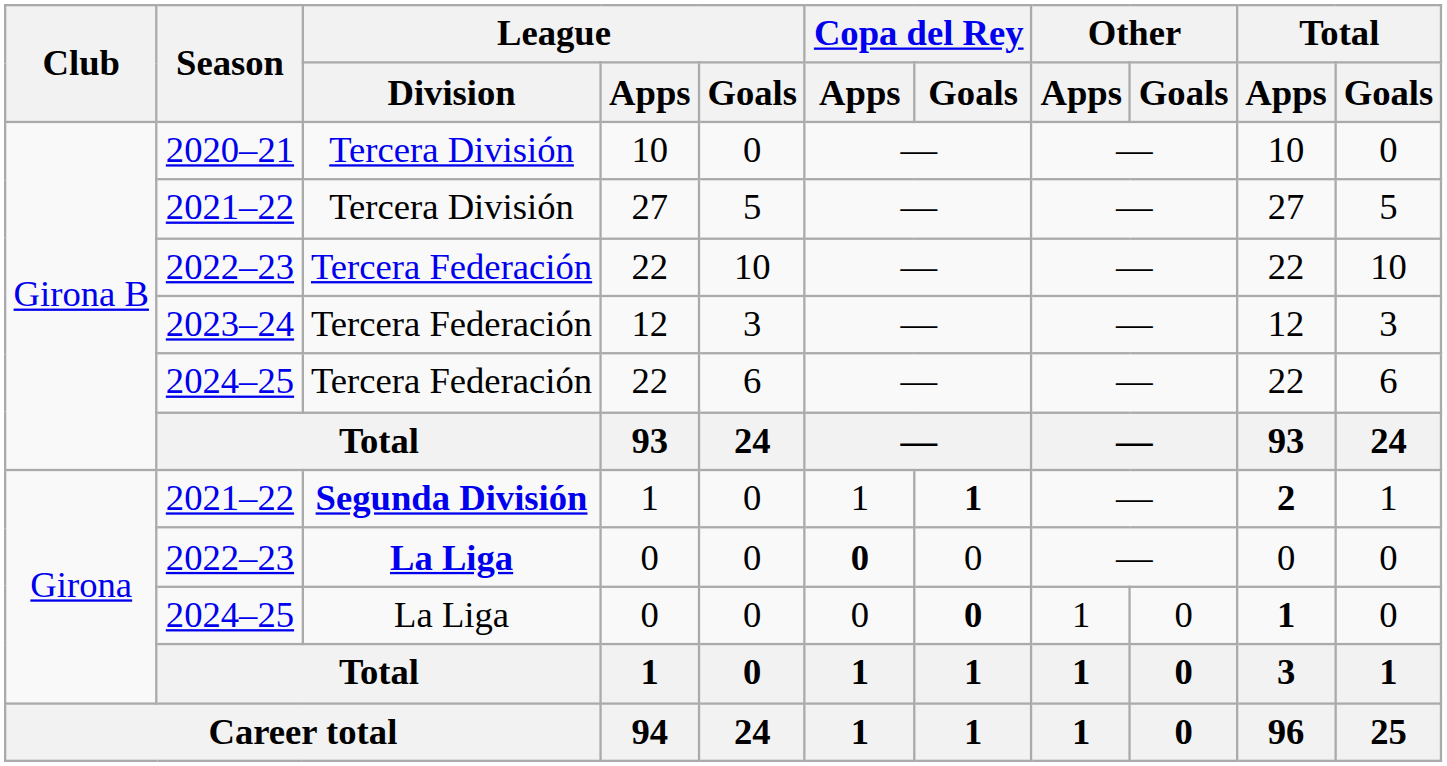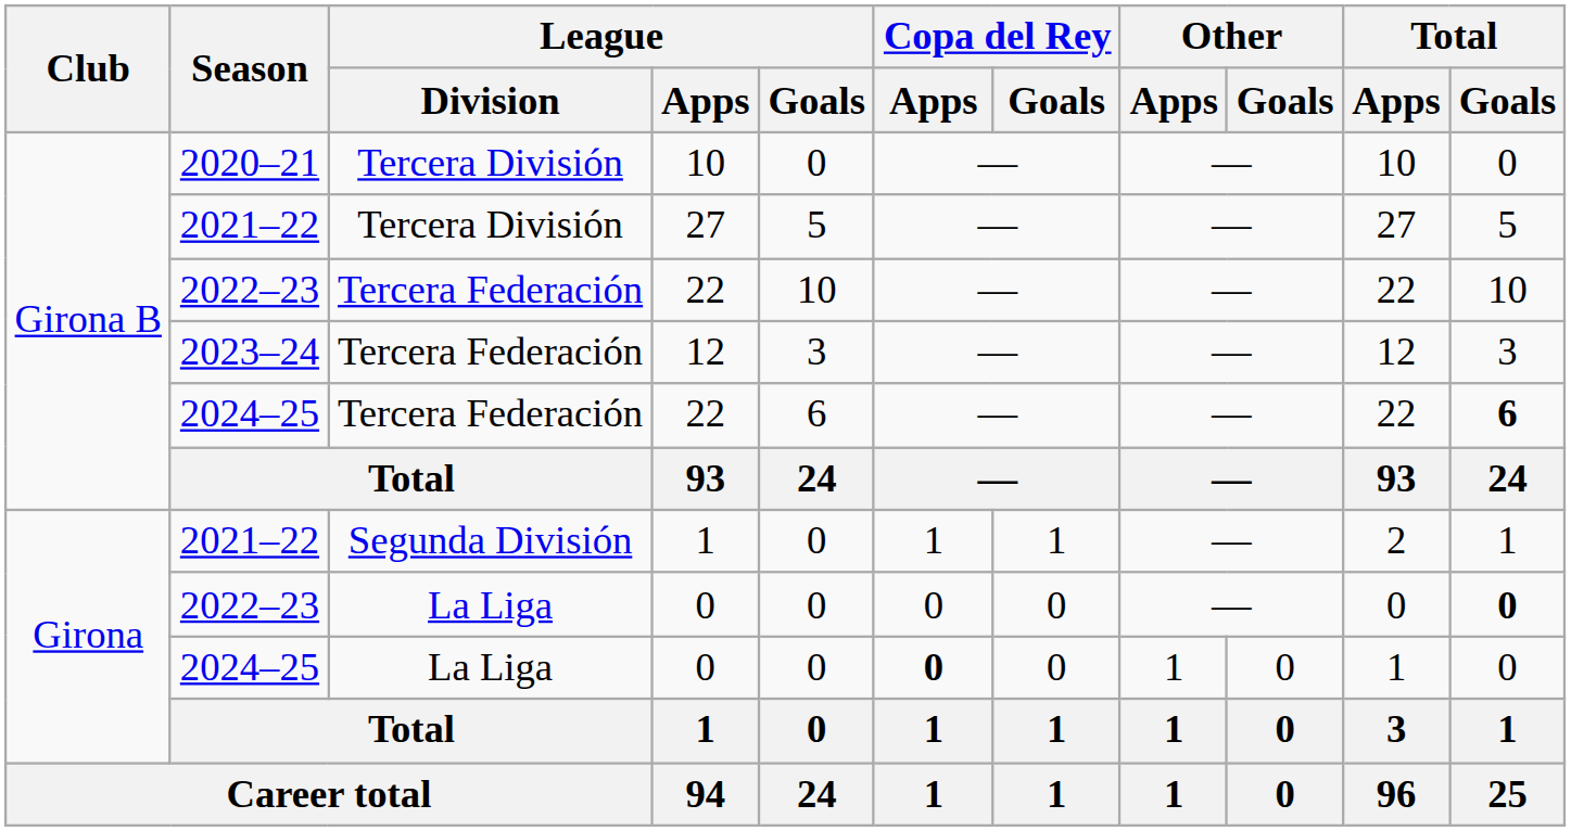 <table class=wikitable style=text-align:center>
 <tr>
 <th rowspan="2">Club</th>
 <th rowspan="2">Season</th>
 <th colspan="3">League</th>
 <th colspan="2"><a href='#'>Copa del Rey</a></th>
 <th colspan="2">Other</th>
 <th colspan="2">Total</th>
 </tr>
 <tr>
 <th>Division</th>
 <th>Apps</th>
 <th>Goals</th>
 <th>Apps</th>
 <th>Goals</th>
 <th>Apps</th>
 <th>Goals</th>
 <th>Apps</th>
 <th>Goals</th>
 </tr>
 <tr>
 <td rowspan="6"><a href='#'>Girona B</a></td>
 <td><a href='#'>2020–21</a></td>
 <td><a href='#'>Tercera División</a></td>
 <td>10</td>
 <td>0</td>
 <td colspan="2">—</td>
 <td colspan="2">—</td>
 <td>10</td>
 <td>0</td>
 </tr>
 <tr>
 <td><a href='#'>2021–22</a></td>
 <td>Tercera División</td>
 <td>27</td>
 <td>5</td>
 <td colspan="2">—</td>
 <td colspan="2">—</td>
 <td>27</td>
 <td>5</td>
 </tr>
 <tr>
 <td><a href='#'>2022–23</a></td>
 <td><a href='#'>Tercera Federación</a></td>
 <td>22</td>
 <td>10</td>
 <td colspan="2">—</td>
 <td colspan="2">—</td>
 <td>22</td>
 <td>10</td>
 </tr>
 <tr>
 <td><a href='#'>2023–24</a></td>
 <td>Tercera Federación</td>
 <td>12</td>
 <td>3</td>
 <td colspan="2">—</td>
 <td colspan="2">—</td>
 <td>12</td>
 <td>3</td>
 </tr>
 <tr>
 <td><a href='#'>2024–25</a></td>
 <td>Tercera Federación</td>
 <td>22</td>
 <td>6</td>
 <td colspan="2">—</td>
 <td colspan="2">—</td>
 <td>22</td>
-<td>6</td>
+<td><strong>6</strong></td>
 </tr>
 <tr>
 <th colspan="2">Total</th>
 <th>93</th>
 <th>24</th>
 <th colspan="2">—</th>
 <th colspan="2">—</th>
 <th>93</th>
 <th>24</th>
 </tr>
 <tr>
 <td rowspan="4"><a href='#'>Girona</a></td>
 <td><a href='#'>2021–22</a></td>
-<td><strong><a href='#'>Segunda División</a></strong></td>
+<td><a href='#'>Segunda División</a></td>
 <td>1</td>
 <td>0</td>
 <td>1</td>
-<td><strong>1</strong></td>
+<td>1</td>
 <td colspan="2">—</td>
-<td><strong>2</strong></td>
+<td>2</td>
 <td>1</td>
 </tr>
 <tr>
 <td><a href='#'>2022–23</a></td>
-<td><strong><a href='#'>La Liga</a></strong></td>
+<td><a href='#'>La Liga</a></td>
 <td>0</td>
 <td>0</td>
-<td><strong>0</strong></td>
+<td>0</td>
 <td>0</td>
 <td colspan="2">—</td>
 <td>0</td>
-<td>0</td>
+<td><strong>0</strong></td>
 </tr>
 <tr>
 <td><a href='#'>2024–25</a></td>
 <td>La Liga</td>
 <td>0</td>
 <td>0</td>
+<td><strong>0</strong></td>
 <td>0</td>
-<td><strong>0</strong></td>
 <td>1</td>
 <td>0</td>
-<td><strong>1</strong></td>
+<td>1</td>
 <td>0</td>
 </tr>
 <tr>
 <th colspan="2">Total</th>
 <th>1</th>
 <th>0</th>
 <th>1</th>
 <th>1</th>
 <th>1</th>
 <th>0</th>
 <th>3</th>
 <th>1</th>
 </tr>
 <tr>
 <th colspan="3">Career total</th>
 <th>94</th>
 <th>24</th>
 <th>1</th>
 <th>1</th>
 <th>1</th>
 <th>0</th>
 <th>96</th>
 <th>25</th>
 </tr>
 </table>
